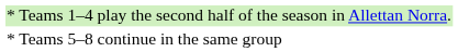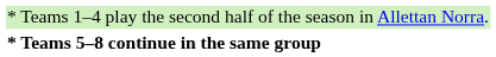 <table>
 <tr style="background: #D0F0C0;">
 <td>* Teams 1–4 play the second half of the season in <a href='#'>Allettan Norra</a>.</td>
 </tr>
 <tr>
-<td>* Teams 5–8 continue in the same group</td>
+<td><strong>* Teams 5–8 continue in the same group</strong></td>
 </tr>
 </table>
